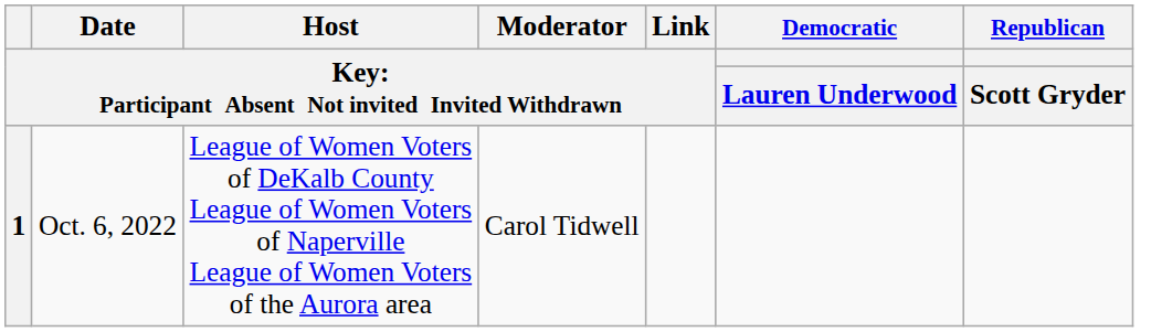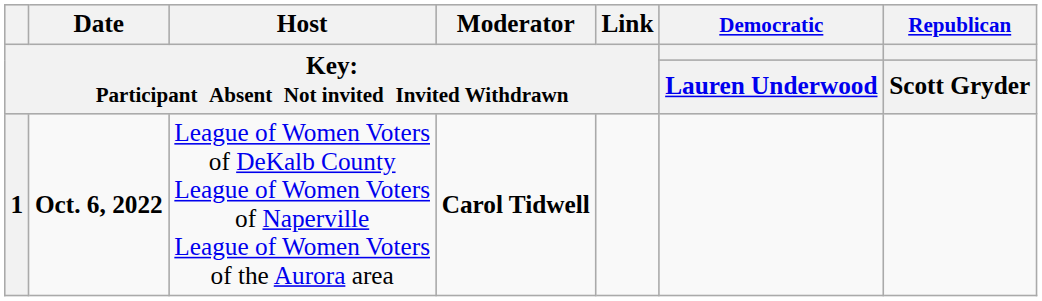 <table class="wikitable" style="text-align:center">
 <tr>
 <th scope="col"></th>
 <th scope="col">Date</th>
 <th scope="col">Host</th>
 <th scope="col">Moderator</th>
 <th scope="col">Link</th>
 <th scope="col"><small><a href='#'>Democratic</a></small></th>
 <th scope="col"><small><a href='#'>Republican</a></small></th>
 </tr>
 <tr>
 <th colspan="5" rowspan="2">Key:<br> <small>Participant </small>  <small>Absent </small>  <small>Not invited </small>  <small>Invited  Withdrawn</small></th>
 <th scope="col" style="background:"></th>
 <th scope="col" style="background:"></th>
 </tr>
 <tr>
 <th scope="col"><a href='#'>Lauren Underwood</a></th>
 <th scope="col">Scott Gryder</th>
 </tr>
 <tr>
 <th>1</th>
-<td style="white-space:nowrap;">Oct. 6, 2022</td>
+<td style="white-space:nowrap;"><strong>Oct. 6, 2022</strong></td>
 <td style="white-space:nowrap;"><a href='#'>League of Women Voters</a><br>of <a href='#'>DeKalb County</a><br><a href='#'>League of Women Voters</a><br>of <a href='#'>Naperville</a><br><a href='#'>League of Women Voters</a><br>of the <a href='#'>Aurora</a> area</td>
-<td style="white-space:nowrap;">Carol Tidwell</td>
+<td style="white-space:nowrap;"><strong>Carol Tidwell</strong></td>
 <td style="white-space:nowrap;"></td>
 <td></td>
 <td></td>
 </tr>
 </table>
